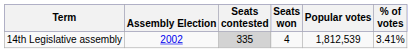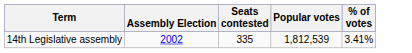 <table class="wikitable sortable" style="text-align:center;">
 <tr style="background:#00f;">
 <th style="background-color:">Term</th>
 <th style="background-color:"><br>Assembly Election</th>
 <th style="background-color:">Seats<br>contested</th>
-<th style="background-color:">Seats<br>won</th>
 <th style="background-color:">Popular votes</th>
 <th style="background-color:">% of<br> votes</th>
 </tr>
 <tr>
 <td>14th Legislative assembly</td>
 <td><a href='#'>2002</a></td>
-<td style="background: lightgrey;">335</td>
-<td>4</td>
+<td>335</td>
 <td>1,812,539</td>
 <td>3.41%</td>
 </tr>
 </table>
